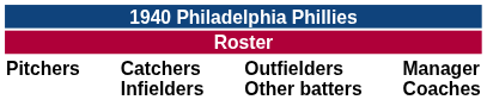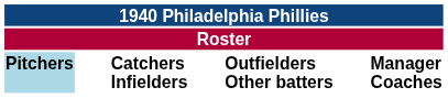 <table class="toccolours" style="font-size: 95%;">
 <tr>
 <th colspan="10" style="background-color: #0f437c; color: white; text-align: center;">1940 Philadelphia Phillies</th>
 </tr>
 <tr>
 <td colspan="10" style="background-color: #af0039; color: white; text-align: center;"><strong>Roster</strong></td>
 </tr>
 <tr>
-<td valign="top"><strong>Pitchers</strong><br>              </td>
+<td valign="top" style="background: lightblue;"><strong>Pitchers</strong><br>              </td>
 <td width="25px"></td>
 <td valign="top"><strong>Catchers</strong><br>   <strong>Infielders</strong>             </td>
 <td width="25px"></td>
 <td valign="top"><strong>Outfielders</strong><br>          <strong>Other batters</strong> </td>
 <td width="25px"></td>
 <td valign="top"><strong>Manager</strong><br> <strong>Coaches</strong>  </td>
 </tr>
 </table>
